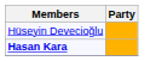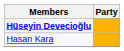 <table class=wikitable style="border:1px solid #8888aa; background-color:#f7f8ff; padding:0px; font-size:90%;">
 <tr>
 <th>Members</th>
 <th colspan="2">Party</th>
 </tr>
 <tr>
-<td><a href='#'>Hüseyin Devecioğlu</a></td>
+<td><strong><a href='#'>Hüseyin Devecioğlu</a></strong></td>
 <td style="background: #ffb300"></td>
 </tr>
 <tr>
-<td><strong><a href='#'>Hasan Kara</a></strong></td>
+<td><a href='#'>Hasan Kara</a></td>
 <td style="background: #ffb300"></td>
 </tr>
 <tr>
 </tr>
 </table>
